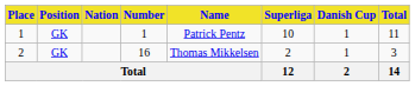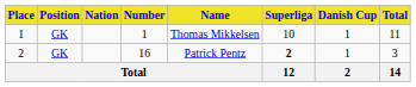 <table class="wikitable" style="font-size: 95%; text-align: center">
 <tr>
 <th style="background:#f1e328; color:blue; text-align:center;"!width=80>Place</th>
 <th style="background:#f1e328; color:blue; text-align:center;"!width=80>Position</th>
 <th style="background:#f1e328; color:blue; text-align:center;"!width=80>Nation</th>
 <th style="background:#f1e328; color:blue; text-align:center;"!width=80>Number</th>
 <th style="background:#f1e328; color:blue; text-align:center;"!width=150>Name</th>
 <th style="background:#f1e328; color:blue; text-align:center;"!width=150>Superliga</th>
 <th style="background:#f1e328; color:blue; text-align:center;"!width=150>Danish Cup</th>
 <th style="background:#f1e328; color:blue; text-align:center;"!width=80>Total</th>
 </tr>
 <tr>
 <td>1</td>
 <td><a href='#'>GK</a></td>
 <td></td>
 <td>1</td>
-<td><a href='#'>Patrick Pentz</a></td>
+<td><a href='#'>Thomas Mikkelsen</a></td>
 <td>10</td>
 <td>1</td>
 <td>11</td>
 </tr>
 <tr>
 <td>2</td>
 <td><a href='#'>GK</a></td>
 <td></td>
 <td>16</td>
-<td><a href='#'>Thomas Mikkelsen</a></td>
-<td>2</td>
+<td><a href='#'>Patrick Pentz</a></td>
+<td><strong>2</strong></td>
 <td>1</td>
 <td>3</td>
 </tr>
 <tr>
 <th colspan=5>Total</th>
 <th>12</th>
 <th>2</th>
 <th>14</th>
 </tr>
 </table>
